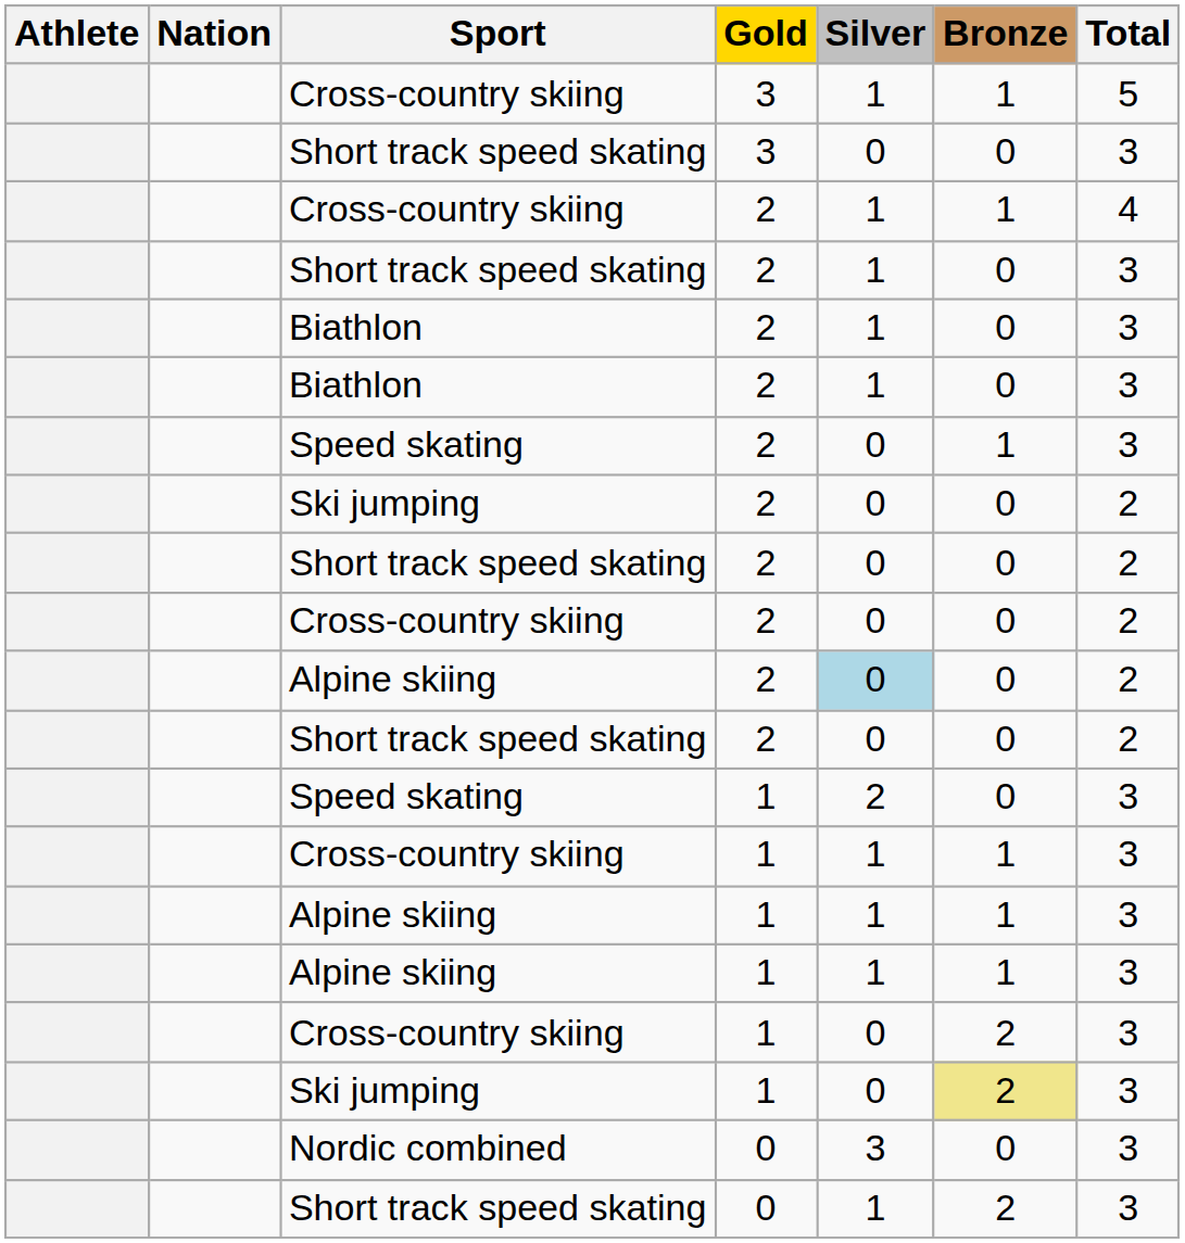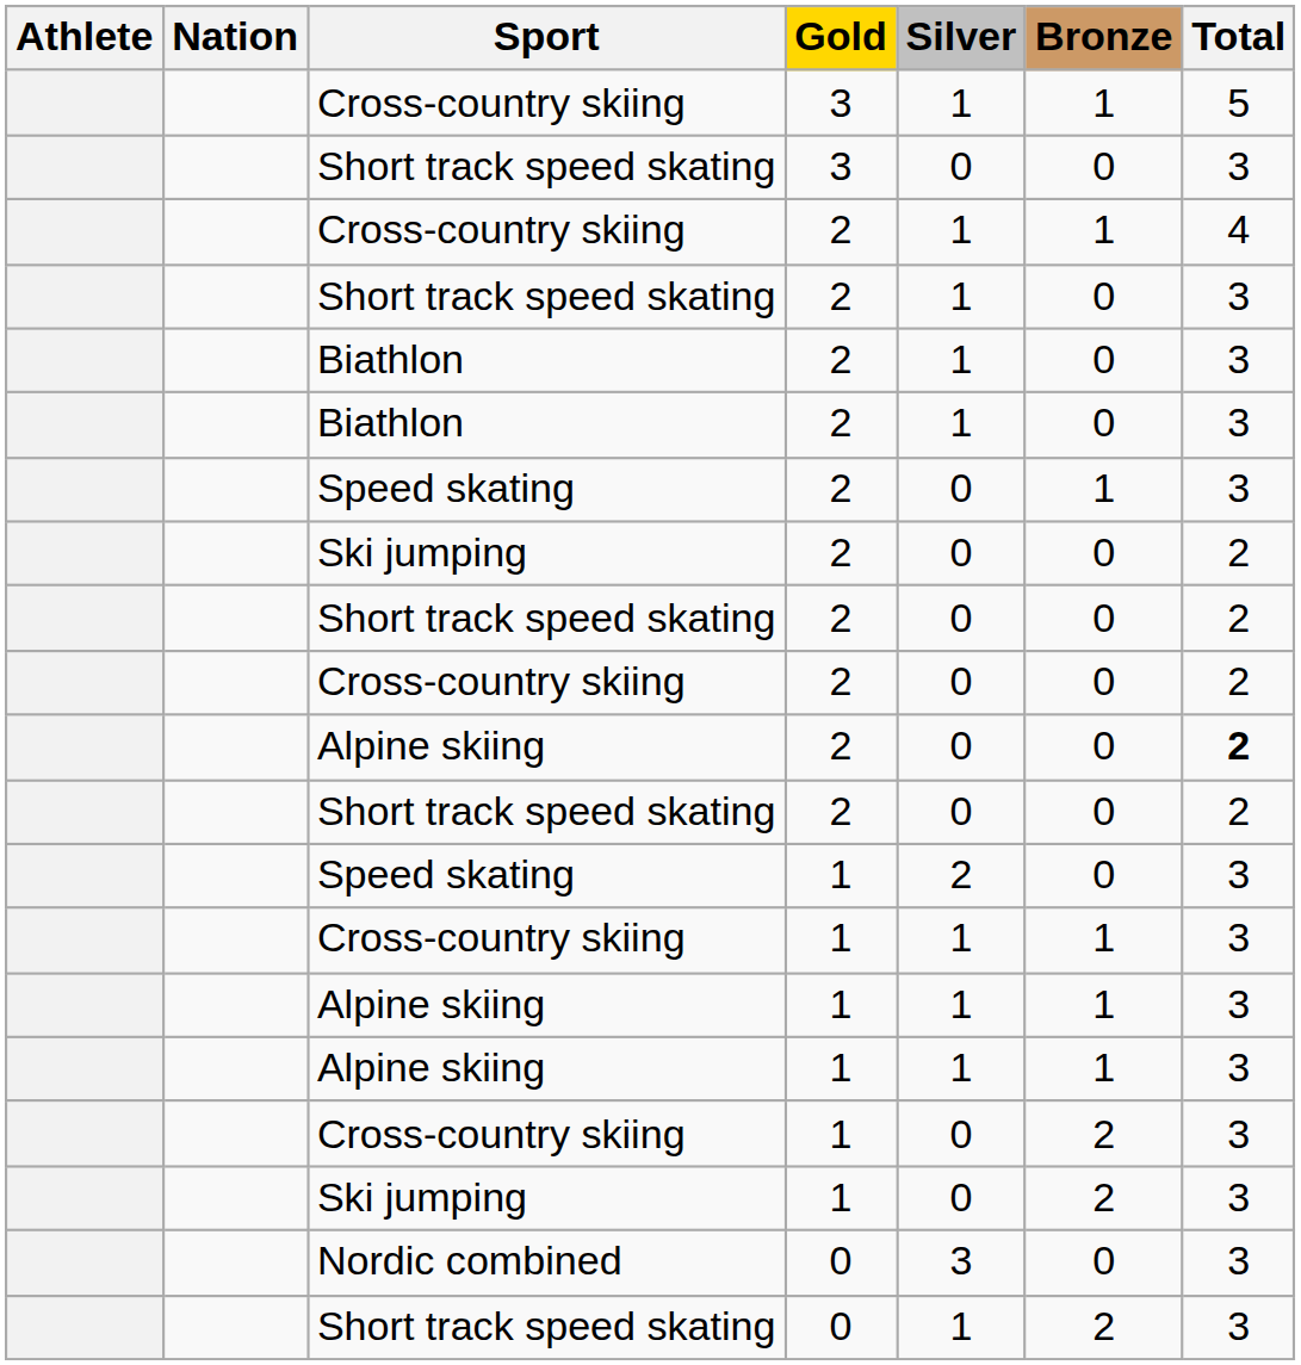 <table class="wikitable sortable plainrowheaders" style="text-align:center">
 <tr>
 <th scope="col">Athlete</th>
 <th scope="col">Nation</th>
 <th scope="col">Sport</th>
 <th scope="col" style="background-color: gold"><strong>Gold</strong></th>
 <th scope="col" style="background-color: silver"><strong>Silver</strong></th>
 <th scope="col" style="background-color: #cc9966"><strong>Bronze</strong></th>
 <th scope="col">Total</th>
 </tr>
 <tr>
 <th scope="row"></th>
 <td align=left></td>
 <td align=left>Cross-country skiing</td>
 <td>3</td>
 <td>1</td>
 <td>1</td>
 <td>5</td>
 </tr>
 <tr>
 <th scope="row"></th>
 <td align=left></td>
 <td align=left>Short track speed skating</td>
 <td>3</td>
 <td>0</td>
 <td>0</td>
 <td>3</td>
 </tr>
 <tr>
 <th scope="row"></th>
 <td align=left></td>
 <td align=left>Cross-country skiing</td>
 <td>2</td>
 <td>1</td>
 <td>1</td>
 <td>4</td>
 </tr>
 <tr>
 <th scope="row"></th>
 <td align=left></td>
 <td align=left>Short track speed skating</td>
 <td>2</td>
 <td>1</td>
 <td>0</td>
 <td>3</td>
 </tr>
 <tr>
 <th scope="row"></th>
 <td align=left></td>
 <td align=left>Biathlon</td>
 <td>2</td>
 <td>1</td>
 <td>0</td>
 <td>3</td>
 </tr>
 <tr>
 <th scope="row"></th>
 <td align=left></td>
 <td align=left>Biathlon</td>
 <td>2</td>
 <td>1</td>
 <td>0</td>
 <td>3</td>
 </tr>
 <tr>
 <th scope="row"></th>
 <td align=left></td>
 <td align=left>Speed skating</td>
 <td>2</td>
 <td>0</td>
 <td>1</td>
 <td>3</td>
 </tr>
 <tr>
 <th scope="row"></th>
 <td align=left></td>
 <td align=left>Ski jumping</td>
 <td>2</td>
 <td>0</td>
 <td>0</td>
 <td>2</td>
 </tr>
 <tr>
 <th scope="row"></th>
 <td align=left></td>
 <td align=left>Short track speed skating</td>
 <td>2</td>
 <td>0</td>
 <td>0</td>
 <td>2</td>
 </tr>
 <tr>
 <th scope="row"></th>
 <td align=left></td>
 <td align=left>Cross-country skiing</td>
 <td>2</td>
 <td>0</td>
 <td>0</td>
 <td>2</td>
 </tr>
 <tr>
 <th scope="row"></th>
 <td align=left></td>
 <td align=left>Alpine skiing</td>
 <td>2</td>
-<td style="background: lightblue;">0</td>
 <td>0</td>
-<td>2</td>
+<td>0</td>
+<td><strong>2</strong></td>
 </tr>
 <tr>
 <th scope="row"></th>
 <td align=left></td>
 <td align=left>Short track speed skating</td>
 <td>2</td>
 <td>0</td>
 <td>0</td>
 <td>2</td>
 </tr>
 <tr>
 <th scope="row"></th>
 <td align=left></td>
 <td align=left>Speed skating</td>
 <td>1</td>
 <td>2</td>
 <td>0</td>
 <td>3</td>
 </tr>
 <tr>
 <th scope="row"></th>
 <td align=left></td>
 <td align=left>Cross-country skiing</td>
 <td>1</td>
 <td>1</td>
 <td>1</td>
 <td>3</td>
 </tr>
 <tr>
 <th scope="row"></th>
 <td align=left></td>
 <td align=left>Alpine skiing</td>
 <td>1</td>
 <td>1</td>
 <td>1</td>
 <td>3</td>
 </tr>
 <tr>
 <th scope="row"></th>
 <td align=left></td>
 <td align=left>Alpine skiing</td>
 <td>1</td>
 <td>1</td>
 <td>1</td>
 <td>3</td>
 </tr>
 <tr>
 <th scope="row"></th>
 <td align=left></td>
 <td align=left>Cross-country skiing</td>
 <td>1</td>
 <td>0</td>
 <td>2</td>
 <td>3</td>
 </tr>
 <tr>
 <th scope="row"></th>
 <td align=left></td>
 <td align=left>Ski jumping</td>
 <td>1</td>
 <td>0</td>
-<td style="background: khaki;">2</td>
+<td>2</td>
 <td>3</td>
 </tr>
 <tr>
 <th scope="row"></th>
 <td align=left></td>
 <td align=left>Nordic combined</td>
 <td>0</td>
 <td>3</td>
 <td>0</td>
 <td>3</td>
 </tr>
 <tr>
 <th scope="row"></th>
 <td align=left></td>
 <td align=left>Short track speed skating</td>
 <td>0</td>
 <td>1</td>
 <td>2</td>
 <td>3</td>
 </tr>
 <tr>
 </tr>
 </table>
